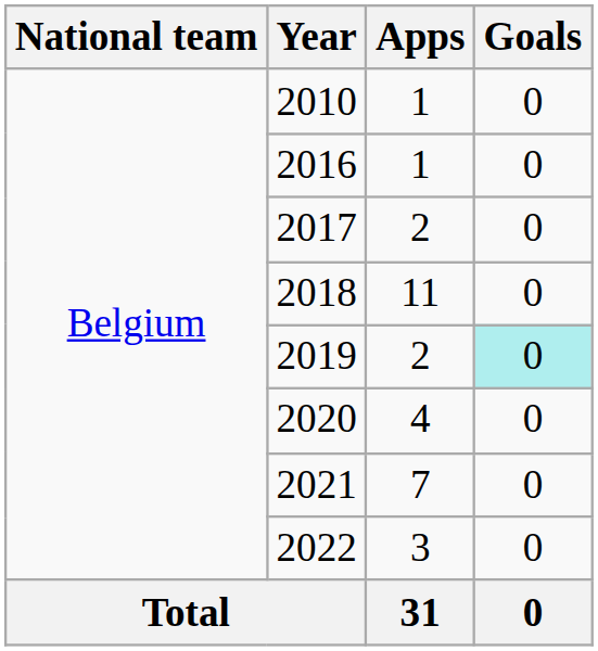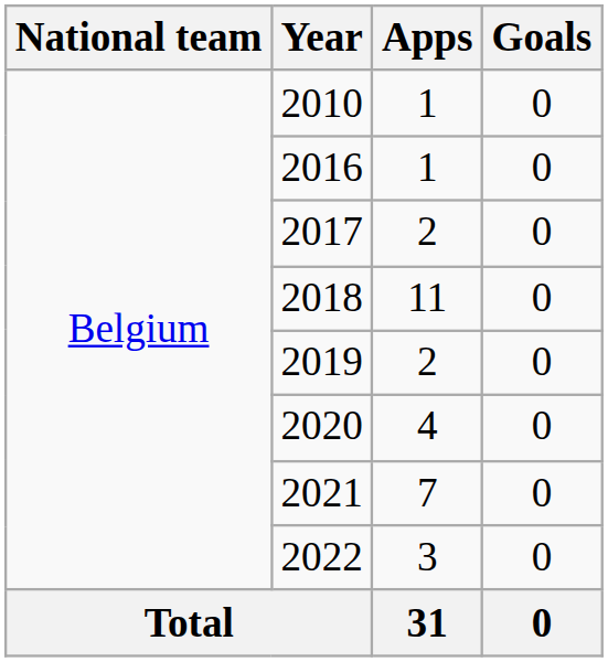 <table class="wikitable" style="text-align: center;">
 <tr>
 <th>National team</th>
 <th>Year</th>
 <th>Apps</th>
 <th>Goals</th>
 </tr>
 <tr>
 <td rowspan="8"><a href='#'>Belgium</a></td>
 <td>2010</td>
 <td>1</td>
 <td>0</td>
 </tr>
 <tr>
 <td>2016</td>
 <td>1</td>
 <td>0</td>
 </tr>
 <tr>
 <td>2017</td>
 <td>2</td>
 <td>0</td>
 </tr>
 <tr>
 <td>2018</td>
 <td>11</td>
 <td>0</td>
 </tr>
 <tr>
 <td>2019</td>
 <td>2</td>
-<td style="background: paleturquoise;">0</td>
+<td>0</td>
 </tr>
 <tr>
 <td>2020</td>
 <td>4</td>
 <td>0</td>
 </tr>
 <tr>
 <td>2021</td>
 <td>7</td>
 <td>0</td>
 </tr>
 <tr>
 <td>2022</td>
 <td>3</td>
 <td>0</td>
 </tr>
 <tr>
 <th colspan="2">Total</th>
 <th>31</th>
 <th>0</th>
 </tr>
 </table>
